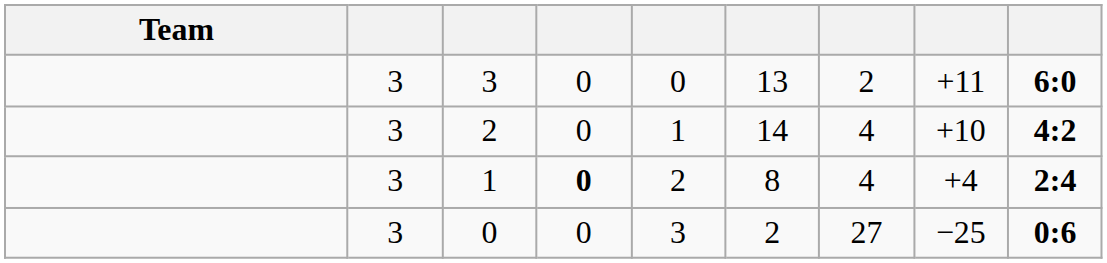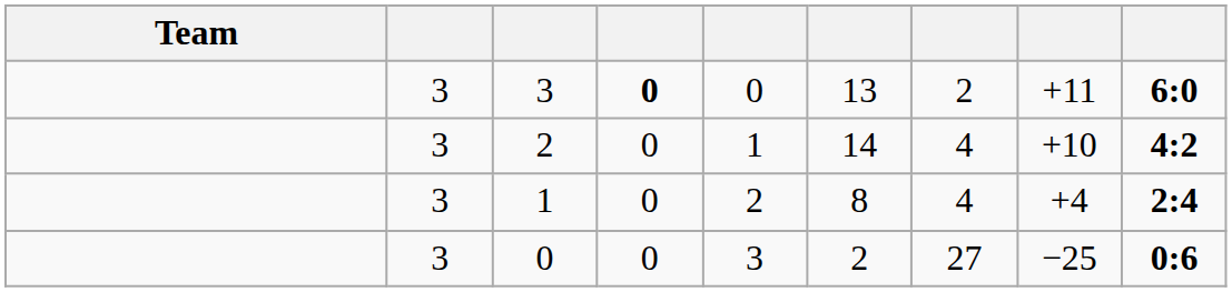 <table class="wikitable" style="text-align:center;">
 <tr>
 <th width=165>Team</th>
 <th width=40></th>
 <th width=40></th>
 <th width=40></th>
 <th width=40></th>
 <th width=40></th>
 <th width=40></th>
 <th width=40></th>
 <th width=40></th>
 </tr>
 <tr>
 <td style="text-align:left;"></td>
 <td>3</td>
 <td>3</td>
-<td>0</td>
+<td><strong>0</strong></td>
 <td>0</td>
 <td>13</td>
 <td>2</td>
 <td>+11</td>
 <td><strong>6:0</strong></td>
 </tr>
 <tr>
 <td style="text-align:left;"></td>
 <td>3</td>
 <td>2</td>
 <td>0</td>
 <td>1</td>
 <td>14</td>
 <td>4</td>
 <td>+10</td>
 <td><strong>4:2</strong></td>
 </tr>
 <tr>
 <td style="text-align:left;"></td>
 <td>3</td>
 <td>1</td>
-<td><strong>0</strong></td>
+<td>0</td>
 <td>2</td>
 <td>8</td>
 <td>4</td>
 <td>+4</td>
 <td><strong>2:4</strong></td>
 </tr>
 <tr>
 <td style="text-align:left;"></td>
 <td>3</td>
 <td>0</td>
 <td>0</td>
 <td>3</td>
 <td>2</td>
 <td>27</td>
 <td>−25</td>
 <td><strong>0:6</strong></td>
 </tr>
 </table>
